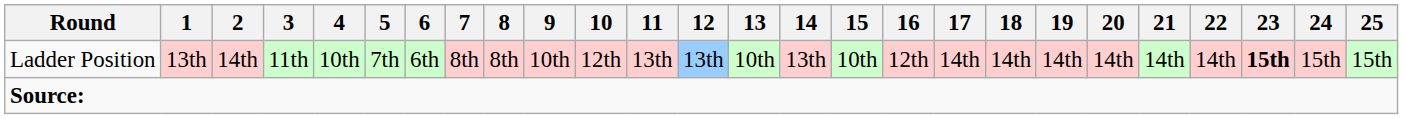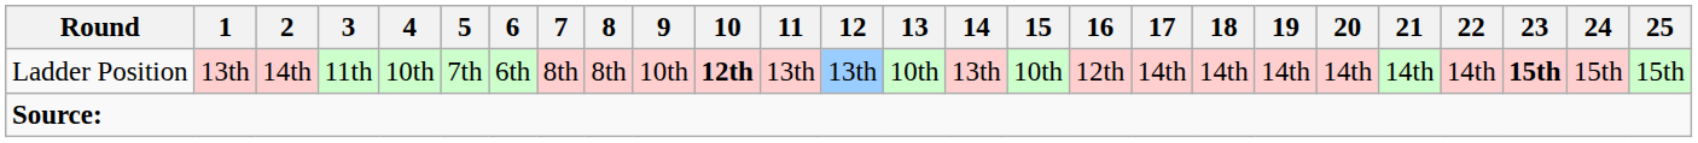 <table class="wikitable">
 <tr>
 <th>Round</th>
 <th>1</th>
 <th>2</th>
 <th>3</th>
 <th>4</th>
 <th>5</th>
 <th>6</th>
 <th>7</th>
 <th>8</th>
 <th>9</th>
 <th>10</th>
 <th>11</th>
 <th>12</th>
 <th>13</th>
 <th>14</th>
 <th>15</th>
 <th>16</th>
 <th>17</th>
 <th>18</th>
 <th>19</th>
 <th>20</th>
 <th>21</th>
 <th>22</th>
 <th>23</th>
 <th>24</th>
 <th>25</th>
 </tr>
 <tr>
 <td>Ladder Position</td>
 <td style="text-align:center; background:#FFCFCF">13th</td>
 <td style="text-align:center; background:#FFCFCF">14th</td>
 <td style="text-align:center; background:#cfc;">11th</td>
 <td style="text-align:center; background:#cfc;">10th</td>
 <td style="text-align:center; background:#cfc;">7th</td>
 <td style="text-align:center; background:#cfc;">6th</td>
 <td style="text-align:center; background:#FFCFCF">8th</td>
 <td style="text-align:center; background:#FFCFCF">8th</td>
 <td style="text-align:center; background:#FFCFCF">10th</td>
-<td style="text-align:center; background:#FFCFCF">12th</td>
+<td style="text-align:center; background:#FFCFCF"><strong>12th</strong></td>
 <td style="text-align:center; background:#FFCFCF">13th</td>
 <td style="text-align:center; background:#99ccff;">13th</td>
 <td style="text-align:center; background:#cfc;">10th</td>
 <td style="text-align:center; background:#FFCFCF">13th</td>
 <td style="text-align:center; background:#cfc;">10th</td>
 <td style="text-align:center; background:#FFCFCF">12th</td>
 <td style="text-align:center; background:#FFCFCF">14th</td>
 <td style="text-align:center; background:#FFCFCF">14th</td>
 <td style="text-align:center; background:#FFCFCF">14th</td>
 <td style="text-align:center; background:#FFCFCF">14th</td>
 <td style="text-align:center; background:#cfc;">14th</td>
 <td style="text-align:center; background:#FFCFCF">14th</td>
 <td style="text-align:center; background:#FFCFCF"><strong>15th</strong></td>
 <td style="text-align:center; background:#FFCFCF">15th</td>
 <td style="text-align:center; background:#cfc;">15th</td>
 </tr>
 <tr>
 <td colspan="26"><strong>Source:</strong> </td>
 </tr>
 </table>
